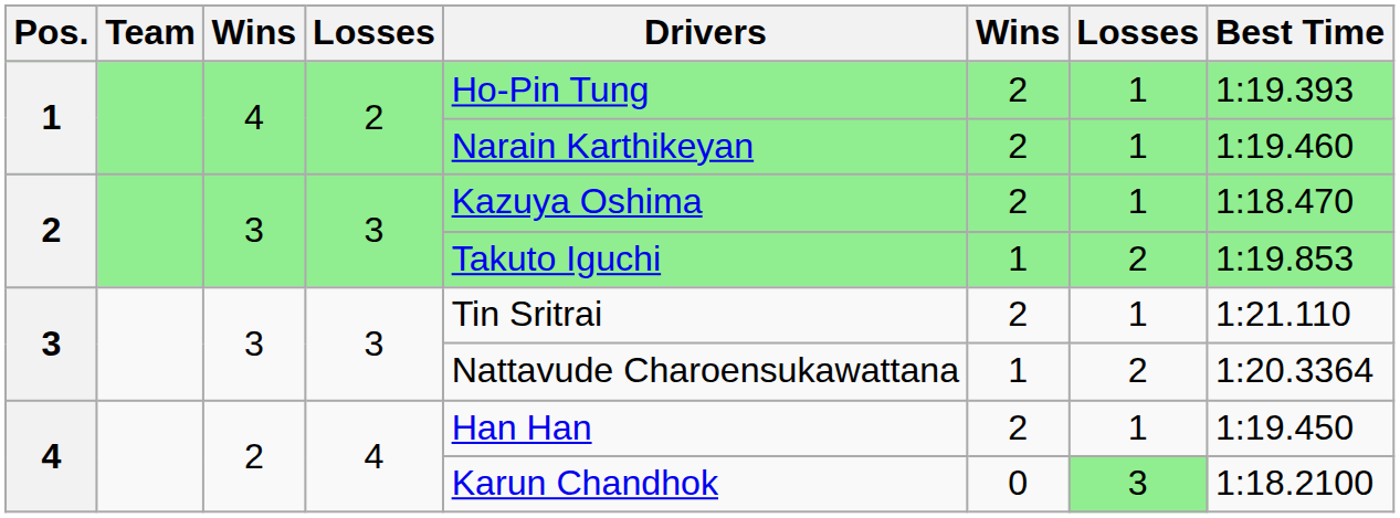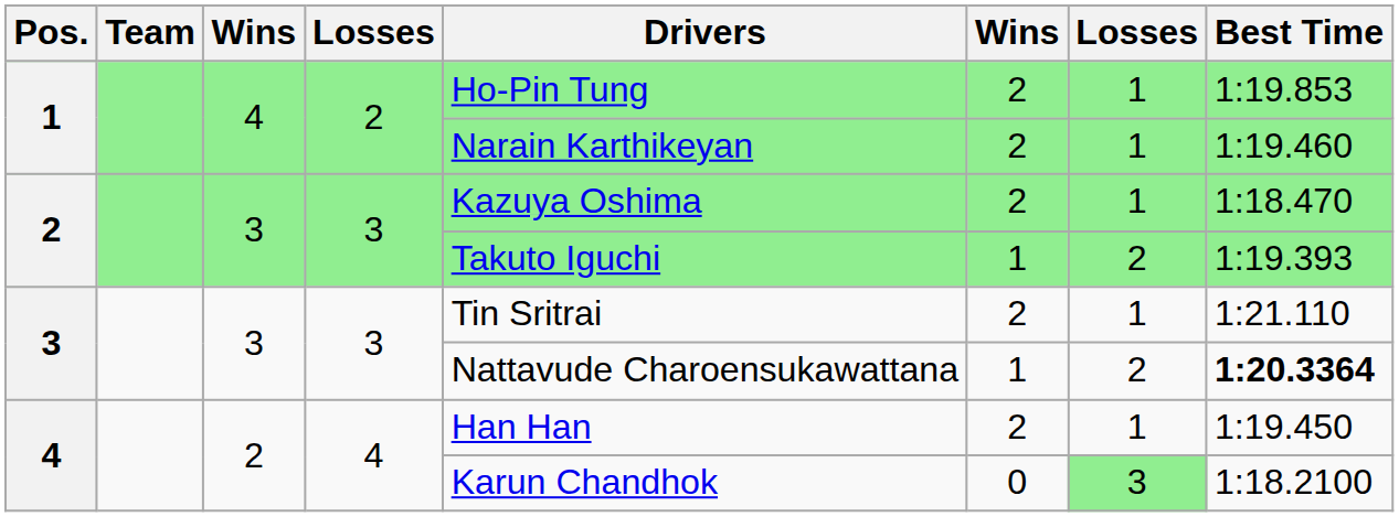 <table class="wikitable">
 <tr>
 <th>Pos.</th>
 <th>Team</th>
 <th>Wins</th>
 <th>Losses</th>
 <th>Drivers</th>
 <th>Wins</th>
 <th>Losses</th>
 <th>Best Time</th>
 </tr>
 <tr style="background:lightgreen;">
 <th rowspan=2>1</th>
 <td rowspan=2><strong></strong></td>
 <td rowspan="2" style="text-align:center;">4</td>
 <td rowspan="2" style="text-align:center;">2</td>
 <td> <a href='#'>Ho-Pin Tung</a></td>
 <td align=center>2</td>
 <td align=center>1</td>
-<td>1:19.393</td>
+<td>1:19.853</td>
 </tr>
 <tr style="background:lightgreen;">
 <td> <a href='#'>Narain Karthikeyan</a></td>
 <td align=center>2</td>
 <td align=center>1</td>
 <td>1:19.460</td>
 </tr>
 <tr style="background:lightgreen;">
 <th rowspan=2>2</th>
 <td rowspan=2><strong></strong></td>
 <td rowspan="2" style="text-align:center;">3</td>
 <td rowspan="2" style="text-align:center;">3</td>
 <td> <a href='#'>Kazuya Oshima</a></td>
 <td align=center>2</td>
 <td align=center>1</td>
 <td>1:18.470</td>
 </tr>
 <tr style="background:lightgreen;">
 <td> <a href='#'>Takuto Iguchi</a></td>
 <td align=center>1</td>
 <td align=center>2</td>
-<td>1:19.853</td>
+<td>1:19.393</td>
 </tr>
 <tr>
 <th rowspan=2>3</th>
 <td rowspan=2></td>
 <td rowspan="2" style="text-align:center;">3</td>
 <td rowspan="2" style="text-align:center;">3</td>
 <td> Tin Sritrai</td>
 <td align=center>2</td>
 <td align=center>1</td>
 <td>1:21.110</td>
 </tr>
 <tr>
 <td> Nattavude Charoensukawattana</td>
 <td align=center>1</td>
 <td align=center>2</td>
-<td>1:20.3364</td>
+<td><strong>1:20.3364</strong></td>
 </tr>
 <tr>
 <th rowspan=2>4</th>
 <td rowspan=2></td>
 <td rowspan="2" style="text-align:center;">2</td>
 <td rowspan="2" style="text-align:center;">4</td>
 <td> <a href='#'>Han Han</a></td>
 <td align=center>2</td>
 <td align=center>1</td>
 <td>1:19.450</td>
 </tr>
 <tr>
 <td> <a href='#'>Karun Chandhok</a></td>
 <td align=center>0</td>
 <td align=center style="background: lightgreen;">3</td>
 <td>1:18.2100</td>
 </tr>
 </table>
